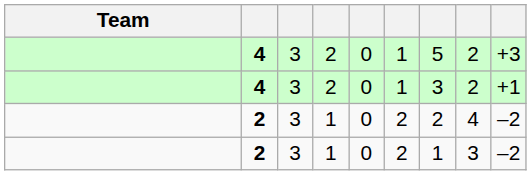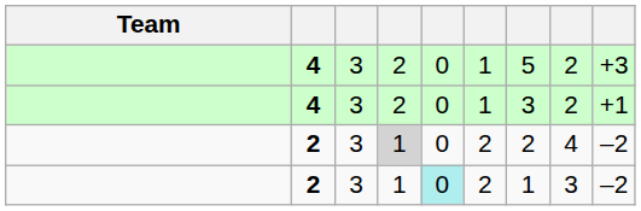 <table class="wikitable" style="text-align:center">
 <tr>
 <th width="175">Team</th>
 <th width="20"></th>
 <th width="20"></th>
 <th width="20"></th>
 <th width="20"></th>
 <th width="20"></th>
 <th width="20"></th>
 <th width="20"></th>
 <th width="20"></th>
 </tr>
 <tr bgcolor=#CCFFCC>
 <td align=left></td>
 <td><strong>4</strong></td>
 <td>3</td>
 <td>2</td>
 <td>0</td>
 <td>1</td>
 <td>5</td>
 <td>2</td>
 <td>+3</td>
 </tr>
 <tr bgcolor=#CCFFCC>
 <td align=left></td>
 <td><strong>4</strong></td>
 <td>3</td>
 <td>2</td>
 <td>0</td>
 <td>1</td>
 <td>3</td>
 <td>2</td>
 <td>+1</td>
 </tr>
 <tr>
 <td align=left></td>
 <td><strong>2</strong></td>
 <td>3</td>
-<td>1</td>
+<td style="background: lightgrey;">1</td>
 <td>0</td>
 <td>2</td>
 <td>2</td>
 <td>4</td>
 <td>–2</td>
 </tr>
 <tr>
 <td align=left></td>
 <td><strong>2</strong></td>
 <td>3</td>
 <td>1</td>
-<td>0</td>
+<td style="background: paleturquoise;">0</td>
 <td>2</td>
 <td>1</td>
 <td>3</td>
 <td>–2</td>
 </tr>
 </table>
